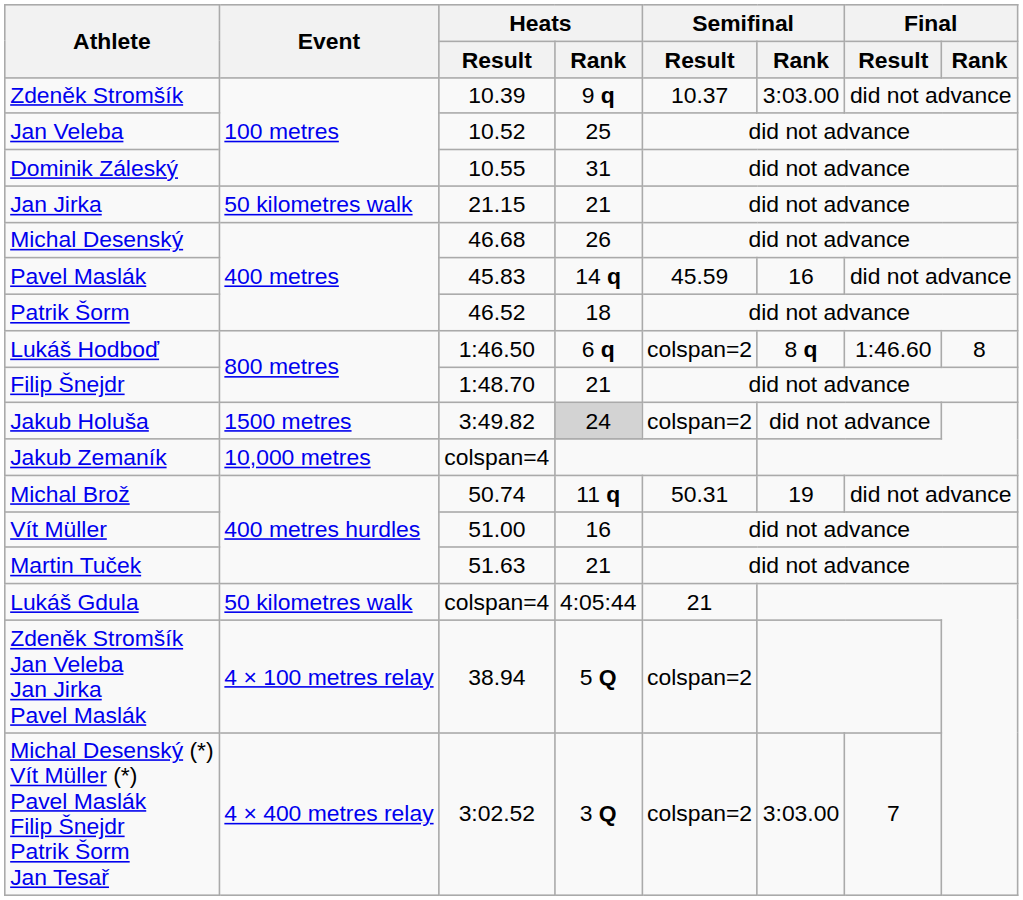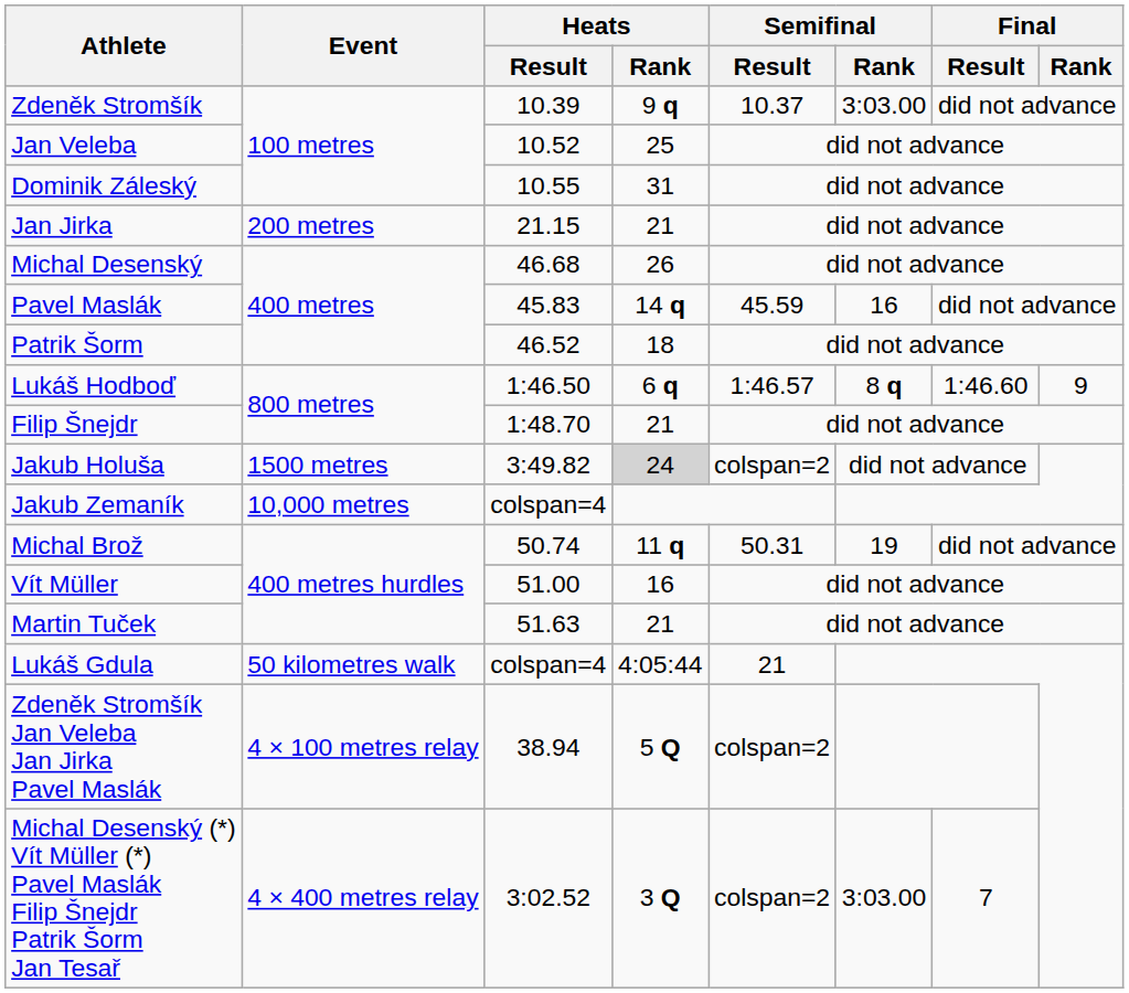 <table class="wikitable" border="1" style="font-size:90%">
 <tr>
 <th rowspan="2">Athlete</th>
 <th rowspan="2">Event</th>
 <th colspan="2">Heats</th>
 <th colspan="2">Semifinal</th>
 <th colspan="2">Final</th>
 </tr>
 <tr>
 <th>Result</th>
 <th>Rank</th>
 <th>Result</th>
 <th>Rank</th>
 <th>Result</th>
 <th>Rank</th>
 </tr>
 <tr align=center>
 <td align=left><a href='#'>Zdeněk Stromšík</a></td>
 <td align=left rowspan=3><a href='#'>100 metres</a></td>
 <td>10.39</td>
 <td>9 <strong>q</strong></td>
 <td>10.37</td>
 <td>3:03.00</td>
 <td align=center colspan=2>did not advance</td>
 </tr>
 <tr align=center>
 <td align=left><a href='#'>Jan Veleba</a></td>
 <td>10.52</td>
 <td>25</td>
 <td align=center colspan=4>did not advance</td>
 </tr>
 <tr align=center>
 <td align=left><a href='#'>Dominik Záleský</a></td>
 <td>10.55</td>
 <td>31</td>
 <td align=center colspan=4>did not advance</td>
 </tr>
 <tr align=center>
 <td align=left><a href='#'>Jan Jirka</a></td>
-<td align=left><a href='#'>50 kilometres walk</a></td>
+<td align=left><a href='#'>200 metres</a></td>
 <td>21.15</td>
 <td>21</td>
 <td align=center colspan=4>did not advance</td>
 </tr>
 <tr align=center>
 <td align=left><a href='#'>Michal Desenský</a></td>
 <td align=left rowspan=3><a href='#'>400 metres</a></td>
 <td>46.68</td>
 <td>26</td>
 <td align=center colspan=4>did not advance</td>
 </tr>
 <tr align=center>
 <td align=left><a href='#'>Pavel Maslák</a></td>
 <td>45.83</td>
 <td>14 <strong>q</strong></td>
 <td>45.59 </td>
 <td>16</td>
 <td align=center colspan=2>did not advance</td>
 </tr>
 <tr align=center>
 <td align=left><a href='#'>Patrik Šorm</a></td>
 <td>46.52</td>
 <td>18</td>
 <td align=center colspan=4>did not advance</td>
 </tr>
 <tr align=center>
 <td align=left><a href='#'>Lukáš Hodboď</a></td>
 <td align=left rowspan=2><a href='#'>800 metres</a></td>
 <td>1:46.50 </td>
 <td>6 <strong>q</strong></td>
-<td>colspan=2</td>
+<td>1:46.57</td>
 <td>8 <strong>q</strong></td>
 <td>1:46.60</td>
-<td>8</td>
+<td>9</td>
 </tr>
 <tr align=center>
 <td align=left><a href='#'>Filip Šnejdr</a></td>
 <td>1:48.70</td>
 <td>21</td>
 <td align=center colspan=4>did not advance</td>
 </tr>
 <tr align=center>
 <td align=left><a href='#'>Jakub Holuša</a></td>
 <td align=left><a href='#'>1500 metres</a></td>
 <td>3:49.82</td>
 <td style="background: lightgrey;">24</td>
 <td>colspan=2</td>
 <td colspan=2>did not advance</td>
 </tr>
 <tr align=center>
 <td align=left><a href='#'>Jakub Zemaník</a></td>
 <td align=left><a href='#'>10,000 metres</a></td>
 <td>colspan=4</td>
 <td colspan=2></td>
 </tr>
 <tr align=center>
 <td align=left><a href='#'>Michal Brož</a></td>
 <td align=left rowspan=3><a href='#'>400 metres hurdles</a></td>
 <td>50.74</td>
 <td>11 <strong>q</strong></td>
 <td>50.31</td>
 <td>19</td>
 <td align=center colspan=2>did not advance</td>
 </tr>
 <tr align=center>
 <td align=left><a href='#'>Vít Müller</a></td>
 <td>51.00</td>
 <td>16</td>
 <td align=center colspan=4>did not advance</td>
 </tr>
 <tr align=center>
 <td align=left><a href='#'>Martin Tuček</a></td>
 <td>51.63</td>
 <td>21</td>
 <td align=center colspan=4>did not advance</td>
 </tr>
 <tr align=center>
 <td align=left><a href='#'>Lukáš Gdula</a></td>
 <td align=left><a href='#'>50 kilometres walk</a></td>
 <td>colspan=4</td>
 <td>4:05:44</td>
 <td>21</td>
 </tr>
 <tr align=center>
 <td align=left><a href='#'>Zdeněk Stromšík</a><br><a href='#'>Jan Veleba</a><br><a href='#'>Jan Jirka</a><br><a href='#'>Pavel Maslák</a></td>
 <td align=left><a href='#'>4 × 100 metres relay</a></td>
 <td>38.94</td>
 <td>5 <strong>Q</strong></td>
 <td>colspan=2</td>
 <td colspan=2></td>
 </tr>
 <tr align=center>
 <td align=left><a href='#'>Michal Desenský</a> (*)<br><a href='#'>Vít Müller</a> (*)<br><a href='#'>Pavel Maslák</a><br><a href='#'>Filip Šnejdr</a><br><a href='#'>Patrik Šorm</a><br><a href='#'>Jan Tesař</a></td>
 <td align=left><a href='#'>4 × 400 metres relay</a></td>
 <td>3:02.52 </td>
 <td>3 <strong>Q</strong></td>
 <td>colspan=2</td>
 <td>3:03.00</td>
 <td>7</td>
 </tr>
 </table>
